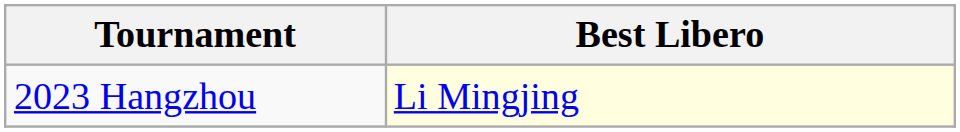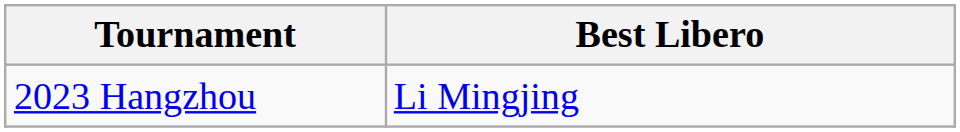 <table class=wikitable style="width: 400px;">
 <tr>
 <th style="width: 40%;">Tournament</th>
 <th style="width: 60%;">Best Libero</th>
 </tr>
 <tr>
 <td><a href='#'>2023 Hangzhou</a></td>
-<td style="background: lightyellow;"> <a href='#'>Li Mingjing</a></td>
+<td> <a href='#'>Li Mingjing</a></td>
 </tr>
 </table>
